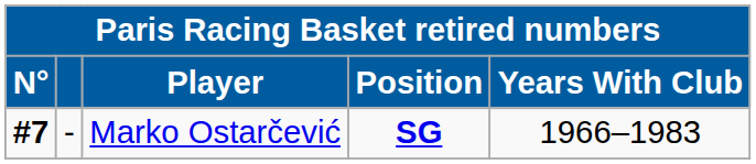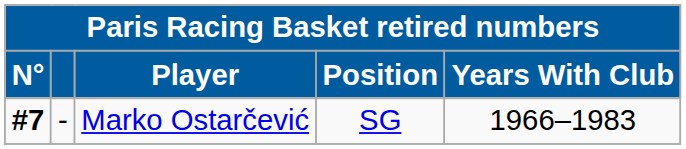 <table class="wikitable" style="text-align:center">
 <tr>
 <td colspan="5" style="background:#005C9F; color:white;"><strong>Paris Racing Basket retired numbers</strong></td>
 </tr>
 <tr>
 <th style="background:#005C9F; color:white;">N°</th>
 <th style="background:#005C9F; color:white;"></th>
 <th style="background:#005C9F; color:white;">Player</th>
 <th style="background:#005C9F; color:white;">Position</th>
 <th style="background:#005C9F; color:white;">Years With Club</th>
 </tr>
 <tr>
 <td><strong>#7</strong></td>
 <td>-</td>
 <td><a href='#'>Marko Ostarčević</a></td>
-<td><strong><a href='#'>SG</a></strong></td>
+<td><a href='#'>SG</a></td>
 <td>1966–1983</td>
 </tr>
 </table>
